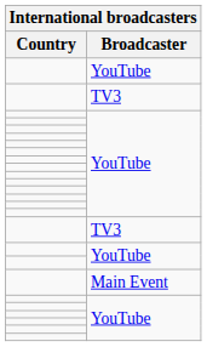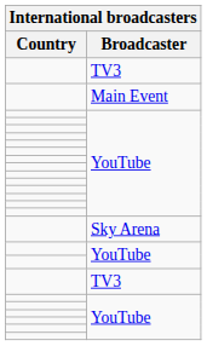 <table class="wikitable collapsible" font-size:95%;">
 <tr>
 <th colspan=2>International broadcasters</th>
 </tr>
 <tr>
 <th align=center>Country</th>
 <th align=center>Broadcaster</th>
 </tr>
 <tr>
 <td></td>
-<td><a href='#'>YouTube</a></td>
+<td><a href='#'>TV3</a></td>
 </tr>
 <tr>
 <td></td>
-<td><a href='#'>TV3</a></td>
+<td><a href='#'>Main Event</a></td>
 </tr>
 <tr>
 <td></td>
 <td style="text-align:left;" rowspan="14"><a href='#'>YouTube</a></td>
 </tr>
 <tr>
 <td></td>
 </tr>
 <tr>
 <td></td>
 </tr>
 <tr>
 <td></td>
 </tr>
 <tr>
 <td></td>
 </tr>
 <tr>
 <td></td>
 </tr>
 <tr>
 <td></td>
 </tr>
 <tr>
 <td></td>
 </tr>
 <tr>
 <td></td>
 </tr>
 <tr>
 <td></td>
 </tr>
 <tr>
 <td></td>
 </tr>
 <tr>
 <td></td>
 </tr>
 <tr>
 <td></td>
 </tr>
 <tr>
 <td></td>
 </tr>
 <tr>
 <td></td>
-<td><a href='#'>TV3</a></td>
+<td><a href='#'>Sky Arena</a></td>
 </tr>
 <tr>
 <td></td>
 <td style="text-align:left;" rowspan="2"><a href='#'>YouTube</a></td>
 </tr>
 <tr>
 <td></td>
 </tr>
 <tr>
 <td></td>
-<td><a href='#'>Main Event</a></td>
+<td><a href='#'>TV3</a></td>
 </tr>
 <tr>
 <td></td>
 <td style="text-align:left;" rowspan="6"><a href='#'>YouTube</a></td>
 </tr>
 <tr>
 <td></td>
 </tr>
 <tr>
 <td></td>
 </tr>
 <tr>
 <td></td>
 </tr>
 <tr>
 <td></td>
 </tr>
 <tr>
 <td></td>
 </tr>
 </table>
